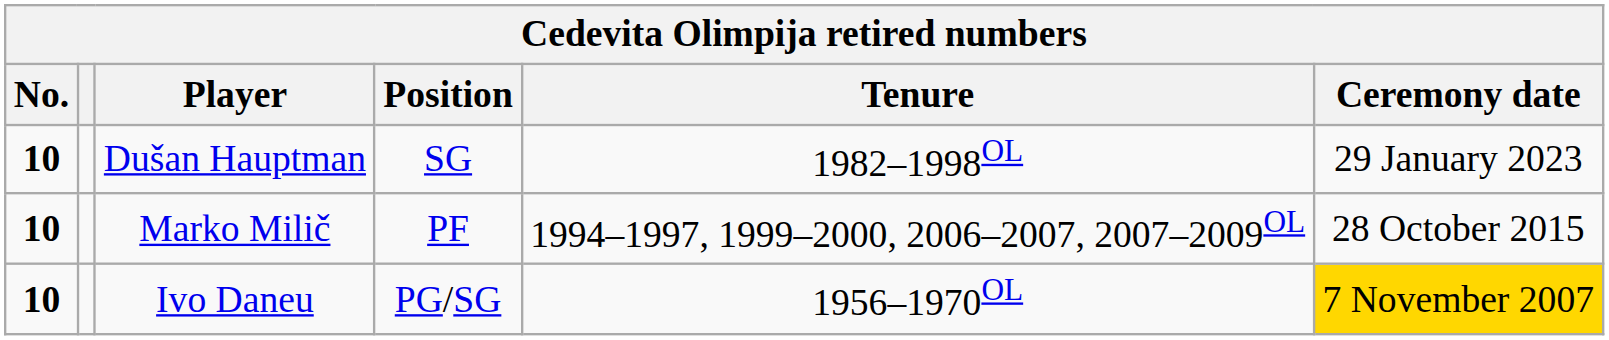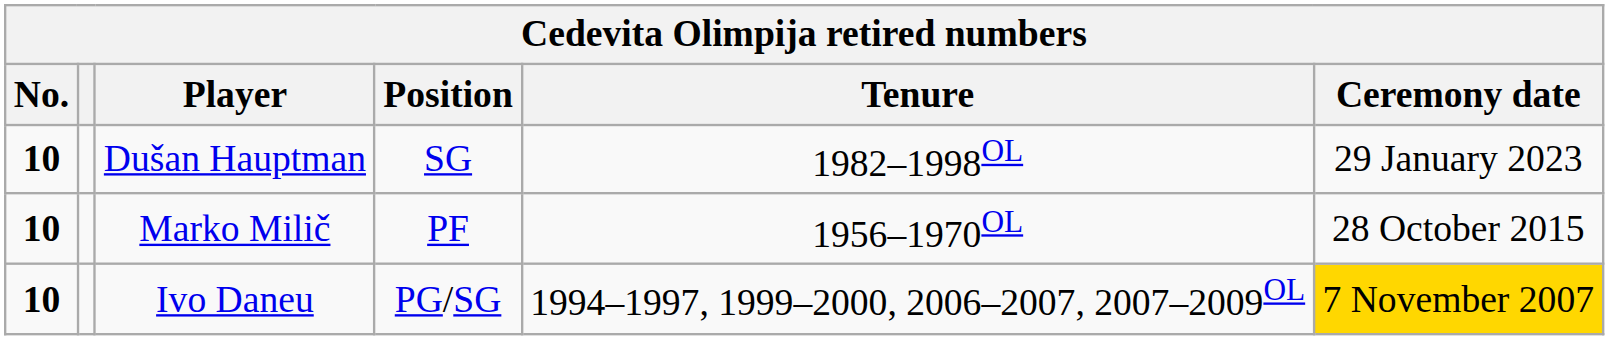 <table class="wikitable sortable" style="text-align:center">
 <tr>
 <th colspan="6">Cedevita Olimpija retired numbers</th>
 </tr>
 <tr>
 <th>No.</th>
 <th></th>
 <th>Player</th>
 <th>Position</th>
 <th>Tenure</th>
 <th>Ceremony date</th>
 </tr>
 <tr>
 <td><strong>10</strong></td>
 <td></td>
 <td><a href='#'>Dušan Hauptman</a></td>
 <td><a href='#'>SG</a></td>
 <td>1982–1998<sup><a href='#'>OL</a></sup></td>
 <td>29 January 2023</td>
 </tr>
 <tr>
 <td><strong>10</strong></td>
 <td></td>
 <td><a href='#'>Marko Milič</a></td>
 <td><a href='#'>PF</a></td>
-<td>1994–1997, 1999–2000, 2006–2007, 2007–2009<sup><a href='#'>OL</a></sup></td>
+<td>1956–1970<sup><a href='#'>OL</a></sup></td>
 <td>28 October 2015</td>
 </tr>
 <tr>
 <td><strong>10</strong></td>
 <td></td>
 <td><a href='#'>Ivo Daneu</a></td>
 <td><a href='#'>PG</a>/<a href='#'>SG</a></td>
-<td>1956–1970<sup><a href='#'>OL</a></sup></td>
+<td>1994–1997, 1999–2000, 2006–2007, 2007–2009<sup><a href='#'>OL</a></sup></td>
 <td style="background: gold;">7 November 2007</td>
 </tr>
 </table>
